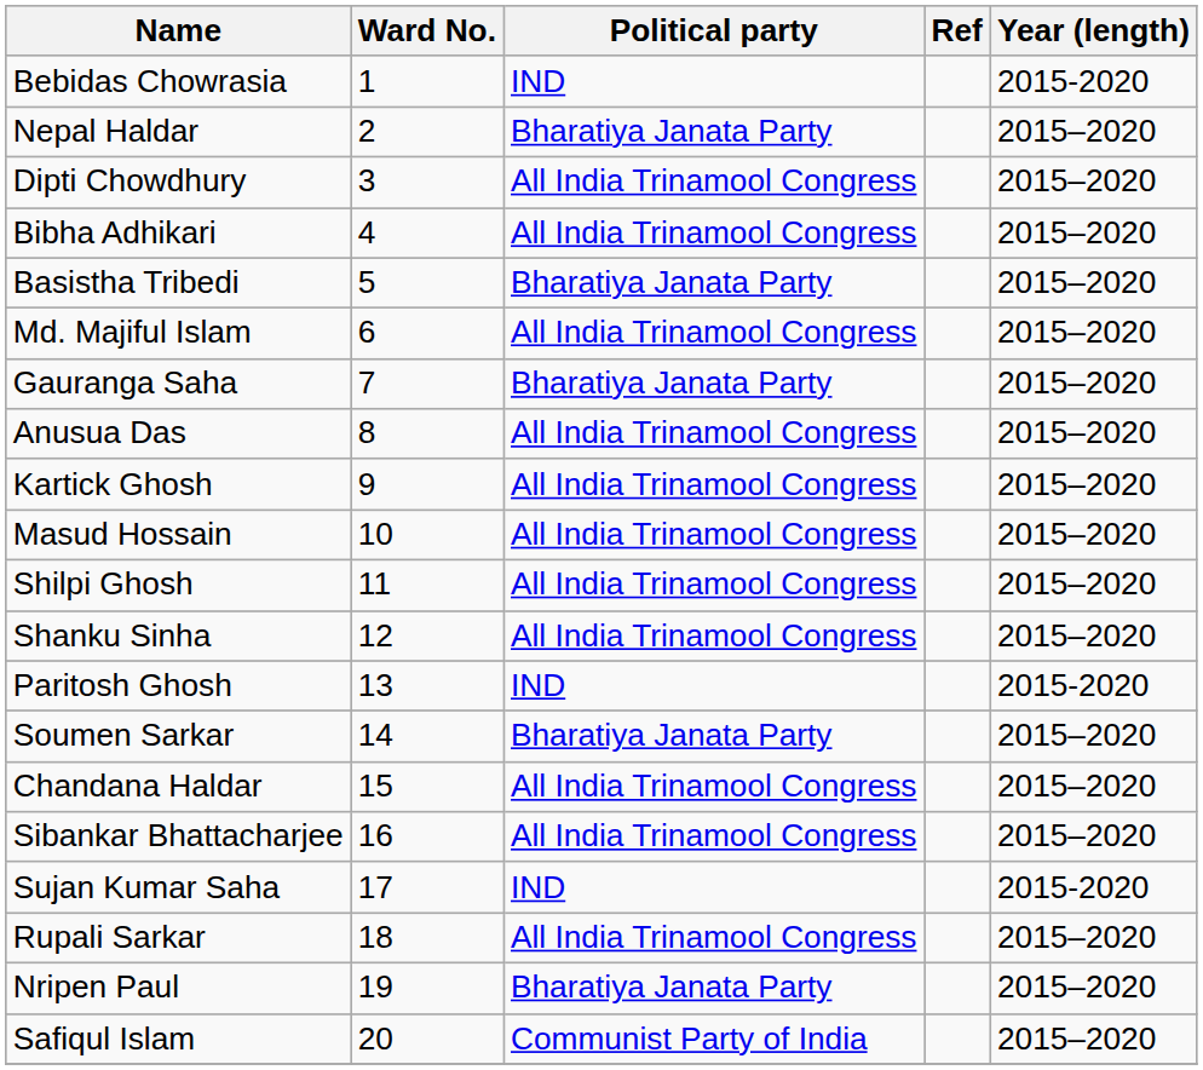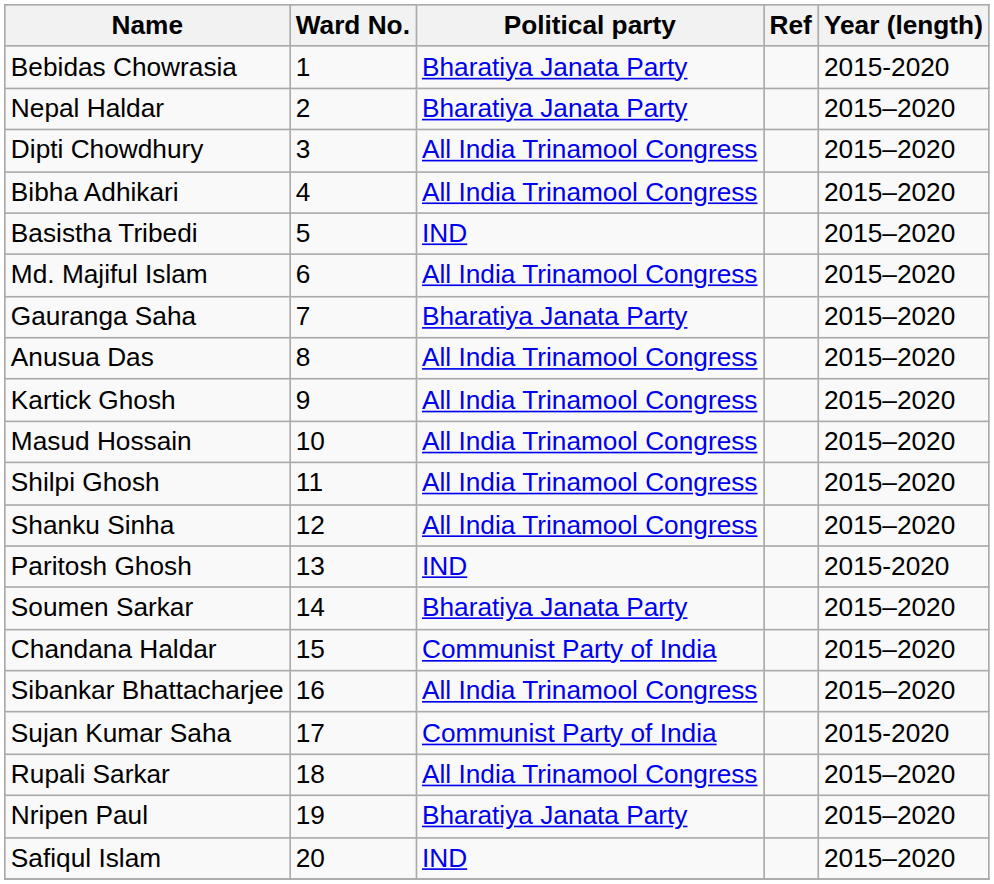 <table class="wikitable">
 <tr>
 <th>Name</th>
 <th>Ward No.</th>
 <th>Political party</th>
 <th scope=col class=unsortable>Ref</th>
 <th>Year (length)</th>
 </tr>
 <tr>
 <td>Bebidas Chowrasia</td>
 <td>1</td>
-<td><a href='#'>IND</a></td>
+<td><a href='#'>Bharatiya Janata Party</a></td>
 <td width="4px"></td>
 <td>2015-2020</td>
 </tr>
 <tr>
 <td>Nepal Haldar</td>
 <td>2</td>
 <td><a href='#'>Bharatiya Janata Party</a></td>
 <td width="4px"></td>
 <td>2015–2020</td>
 </tr>
 <tr>
 <td>Dipti Chowdhury</td>
 <td>3</td>
 <td><a href='#'>All India Trinamool Congress</a></td>
 <td width="4px"></td>
 <td>2015–2020</td>
 </tr>
 <tr>
 <td>Bibha Adhikari</td>
 <td>4</td>
 <td><a href='#'>All India Trinamool Congress</a></td>
 <td width="4px"></td>
 <td>2015–2020</td>
 </tr>
 <tr>
 <td>Basistha Tribedi</td>
 <td>5</td>
-<td><a href='#'>Bharatiya Janata Party</a></td>
+<td><a href='#'>IND</a></td>
 <td width="4px"></td>
 <td>2015–2020</td>
 </tr>
 <tr>
 <td>Md. Majiful Islam</td>
 <td>6</td>
 <td><a href='#'>All India Trinamool Congress</a></td>
 <td width="4px"></td>
 <td>2015–2020</td>
 </tr>
 <tr>
 <td>Gauranga Saha</td>
 <td>7</td>
 <td><a href='#'>Bharatiya Janata Party</a></td>
 <td width="4px"></td>
 <td>2015–2020</td>
 </tr>
 <tr>
 <td>Anusua Das</td>
 <td>8</td>
 <td><a href='#'>All India Trinamool Congress</a></td>
 <td width="4px"></td>
 <td>2015–2020</td>
 </tr>
 <tr>
 <td>Kartick Ghosh</td>
 <td>9</td>
 <td><a href='#'>All India Trinamool Congress</a></td>
 <td width="4px"></td>
 <td>2015–2020</td>
 </tr>
 <tr>
 <td>Masud Hossain</td>
 <td>10</td>
 <td><a href='#'>All India Trinamool Congress</a></td>
 <td width="4px"></td>
 <td>2015–2020</td>
 </tr>
 <tr>
 <td>Shilpi Ghosh</td>
 <td>11</td>
 <td><a href='#'>All India Trinamool Congress</a></td>
 <td width="4px"></td>
 <td>2015–2020</td>
 </tr>
 <tr>
 <td>Shanku Sinha</td>
 <td>12</td>
 <td><a href='#'>All India Trinamool Congress</a></td>
 <td width="4px"></td>
 <td>2015–2020</td>
 </tr>
 <tr>
 <td>Paritosh Ghosh</td>
 <td>13</td>
 <td><a href='#'>IND</a></td>
 <td width="4px"></td>
 <td>2015-2020</td>
 </tr>
 <tr>
 <td>Soumen Sarkar</td>
 <td>14</td>
 <td><a href='#'>Bharatiya Janata Party</a></td>
 <td width="4px"></td>
 <td>2015–2020</td>
 </tr>
 <tr>
 <td>Chandana Haldar</td>
 <td>15</td>
-<td><a href='#'>All India Trinamool Congress</a></td>
+<td><a href='#'>Communist Party of India</a></td>
 <td width="4px"></td>
 <td>2015–2020</td>
 </tr>
 <tr>
 <td>Sibankar Bhattacharjee</td>
 <td>16</td>
 <td><a href='#'>All India Trinamool Congress</a></td>
 <td width="4px"></td>
 <td>2015–2020</td>
 </tr>
 <tr>
 <td>Sujan Kumar Saha</td>
 <td>17</td>
-<td><a href='#'>IND</a></td>
+<td><a href='#'>Communist Party of India</a></td>
 <td width="4px"></td>
 <td>2015-2020</td>
 </tr>
 <tr>
 <td>Rupali Sarkar</td>
 <td>18</td>
 <td><a href='#'>All India Trinamool Congress</a></td>
 <td width="4px"></td>
 <td>2015–2020</td>
 </tr>
 <tr>
 <td>Nripen Paul</td>
 <td>19</td>
 <td><a href='#'>Bharatiya Janata Party</a></td>
 <td width="4px"></td>
 <td>2015–2020</td>
 </tr>
 <tr>
 <td>Safiqul Islam</td>
 <td>20</td>
-<td><a href='#'>Communist Party of India</a></td>
+<td><a href='#'>IND</a></td>
 <td width="4px"></td>
 <td>2015–2020</td>
 </tr>
 <tr>
 </tr>
 </table>
